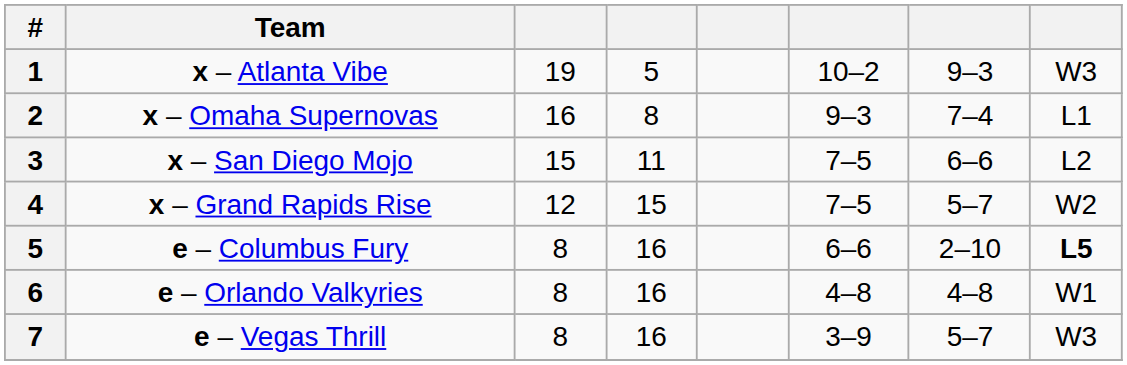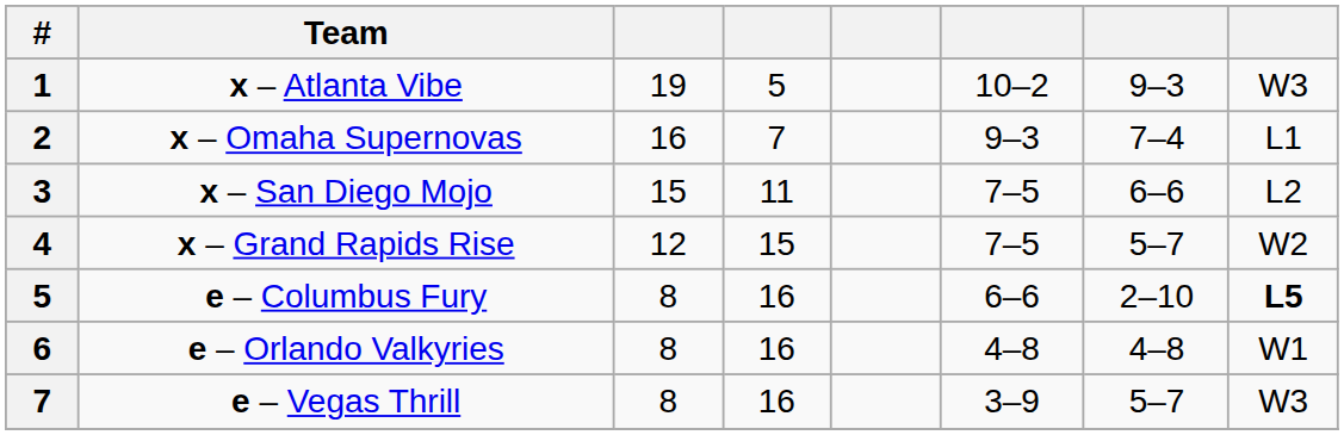 <table class="wikitable" style="width:40em; font-size:95%; text-align:center">
 <tr>
 <th width="5%">#</th>
 <th width="37%">Team</th>
 <th width="7.5%"></th>
 <th width="7.5%"></th>
 <th width="7.5%"></th>
 <th width="10%"></th>
 <th width="10%"></th>
 <th width="7.5%"></th>
 </tr>
 <tr>
 <th>1</th>
 <td><strong>x</strong> – <a href='#'>Atlanta Vibe</a></td>
 <td>19</td>
 <td>5</td>
 <td></td>
 <td>10–2</td>
 <td>9–3</td>
 <td>W3</td>
 </tr>
 <tr>
 <th>2</th>
 <td><strong>x</strong> – <a href='#'>Omaha Supernovas</a></td>
 <td>16</td>
-<td>8</td>
+<td>7</td>
 <td></td>
 <td>9–3</td>
 <td>7–4</td>
 <td>L1</td>
 </tr>
 <tr>
 <th>3</th>
 <td><strong>x</strong> – <a href='#'>San Diego Mojo</a></td>
 <td>15</td>
 <td>11</td>
 <td></td>
 <td>7–5</td>
 <td>6–6</td>
 <td>L2</td>
 </tr>
 <tr>
 <th>4</th>
 <td><strong>x</strong> – <a href='#'>Grand Rapids Rise</a></td>
 <td>12</td>
 <td>15</td>
 <td></td>
 <td>7–5</td>
 <td>5–7</td>
 <td>W2</td>
 </tr>
 <tr>
 <th>5</th>
 <td><strong>e</strong> – <a href='#'>Columbus Fury</a></td>
 <td>8</td>
 <td>16</td>
 <td></td>
 <td>6–6</td>
 <td>2–10</td>
 <td><strong>L5</strong></td>
 </tr>
 <tr>
 <th>6</th>
 <td><strong>e</strong> – <a href='#'>Orlando Valkyries</a></td>
 <td>8</td>
 <td>16</td>
 <td></td>
 <td>4–8</td>
 <td>4–8</td>
 <td>W1</td>
 </tr>
 <tr>
 <th>7</th>
 <td><strong>e</strong> – <a href='#'>Vegas Thrill</a></td>
 <td>8</td>
 <td>16</td>
 <td></td>
 <td>3–9</td>
 <td>5–7</td>
 <td>W3</td>
 </tr>
 <tr>
 </tr>
 </table>
